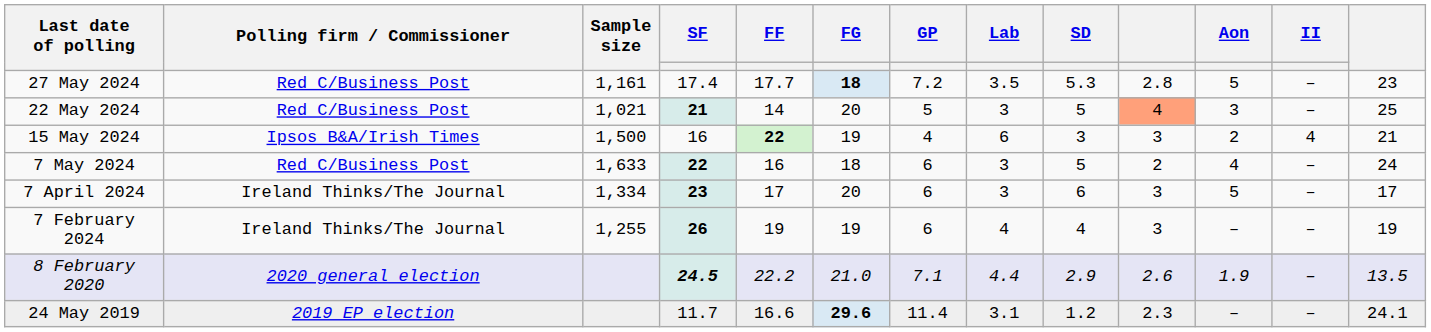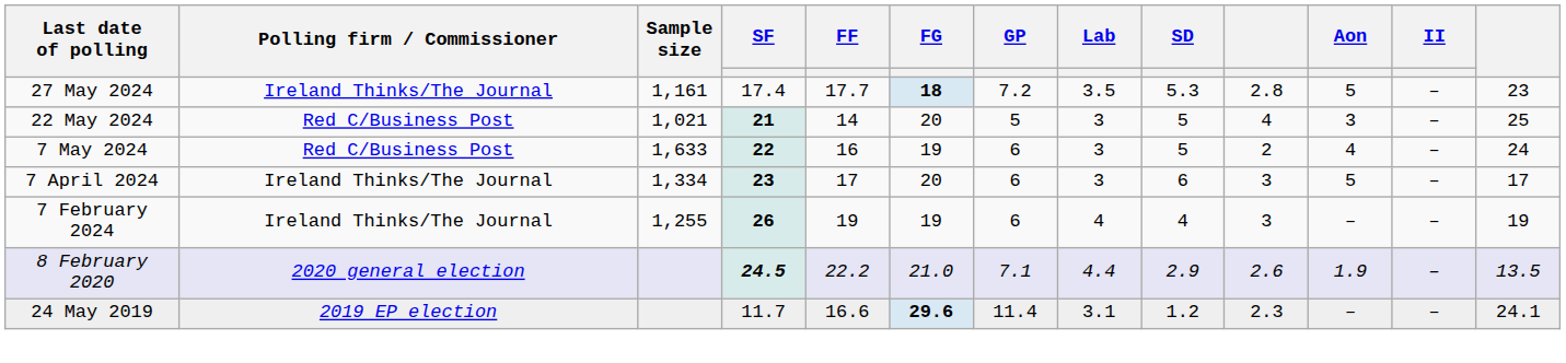 <table class="wikitable sortable collapsible" style="text-align:center;font-size:95%;line-height:14px;">
 <tr style="height:42px;">
 <th style="width:110px;" rowspan="2">Last date<br>of polling</th>
 <th style="width:300px;" rowspan="2">Polling firm / Commissioner</th>
 <th class="unsortable" style="width:50px;" rowspan="2">Sample<br>size</th>
 <th class="unsortable" style="width:50px;"><a href='#'>SF</a><br></th>
 <th class="unsortable" style="width:50px;"><a href='#'>FF</a><br></th>
 <th class="unsortable" style="width:50px;"><a href='#'>FG</a><br></th>
 <th class="unsortable" style="width:50px;"><a href='#'>GP</a><br></th>
 <th class="unsortable" style="width:50px;"><a href='#'>Lab</a><br></th>
 <th class="unsortable" style="width:50px;"><a href='#'>SD</a></th>
 <th class="unsortable" style="width:50px;"></th>
 <th class="unsortable" style="width:50px;"><a href='#'>Aon</a></th>
 <th class="unsortable" style="width:50px;"><a href='#'>II</a></th>
 <th class="unsortable" style="width:50px;" rowspan="2"></th>
 </tr>
 <tr>
 <th style="background:"></th>
 <th style="background:"></th>
 <th style="background:"></th>
 <th style="background:"></th>
 <th style="background:"></th>
 <th style="background:"></th>
 <th style="background:"></th>
 <th style="background:"></th>
 <th style="background:"></th>
 </tr>
 <tr>
 <td data-sort-value="2024-05-27">27 May 2024</td>
-<td data-sort-value="RedC1"><a href='#'>Red C/Business Post</a></td>
+<td data-sort-value="Journal"><a href='#'>Ireland Thinks/The Journal</a></td>
 <td>1,161</td>
 <td>17.4</td>
 <td>17.7</td>
 <td style="background:#D9E9F4"><strong>18</strong></td>
 <td>7.2</td>
 <td>3.5</td>
 <td>5.3</td>
 <td>2.8</td>
 <td>5</td>
 <td>– </td>
 <td>23</td>
 </tr>
 <tr>
 <td data-sort-value="2024-05-22">22 May 2024</td>
 <td data-sort-value="RedC1"><a href='#'>Red C/Business Post</a></td>
 <td>1,021</td>
 <td style="background:#D7ECEA"><strong>21</strong></td>
 <td>14</td>
 <td>20</td>
 <td>5</td>
 <td>3</td>
 <td>5</td>
-<td style="background: lightsalmon;">4</td>
+<td>4</td>
 <td>3</td>
 <td>– </td>
 <td>25</td>
-</tr>
-<tr>
-<td data-sort-value="2024-05-15">15 May 2024</td>
-<td data-sort-value="Ipsos1"><a href='#'>Ipsos B&A/Irish Times</a></td>
-<td>1,500</td>
-<td>16</td>
-<td style="background:#D3F2D0"><strong>22</strong></td>
-<td>19</td>
-<td>4</td>
-<td>6</td>
-<td>3</td>
-<td>3</td>
-<td>2</td>
-<td>4</td>
-<td>21</td>
 </tr>
 <tr>
 <td data-sort-value="2024-05-10">7 May 2024</td>
 <td data-sort-value="RedC1"><a href='#'>Red C/Business Post</a></td>
 <td>1,633</td>
 <td style="background:#D7ECEA"><strong>22</strong></td>
 <td>16</td>
-<td>18</td>
+<td>19</td>
 <td>6</td>
 <td>3</td>
 <td>5</td>
 <td>2</td>
 <td>4</td>
 <td>– </td>
 <td>24</td>
 </tr>
 <tr>
 <td data-sort-value="2024-04-07">7 April 2024</td>
 <td data-sort-value="Journal">Ireland Thinks/The Journal</td>
 <td>1,334</td>
 <td style="background:#D7ECEA"><strong>23</strong></td>
 <td>17</td>
 <td>20</td>
 <td>6</td>
 <td>3</td>
 <td>6</td>
 <td>3</td>
 <td>5</td>
 <td>– </td>
 <td>17</td>
 </tr>
 <tr>
 <td data-sort-value="2024-02-07">7 February 2024</td>
 <td data-sort-value="Journal">Ireland Thinks/The Journal</td>
 <td>1,255</td>
 <td style="background:#D7ECEA"><strong>26</strong></td>
 <td>19</td>
 <td>19</td>
 <td>6</td>
 <td>4</td>
 <td>4</td>
 <td>3</td>
 <td>– </td>
 <td>– </td>
 <td>19</td>
 </tr>
 <tr style="background:#E5E5F5;font-style:italic;">
 <td data-sort-value="2020-02-08">8 February 2020</td>
 <td><a href='#'>2020 general election</a></td>
 <td></td>
 <td style="background:#D7ECEA"><strong>24.5</strong></td>
 <td>22.2</td>
 <td>21.0</td>
 <td>7.1</td>
 <td>4.4</td>
 <td>2.9</td>
 <td>2.6</td>
 <td>1.9</td>
 <td>– </td>
 <td>13.5</td>
 </tr>
 <tr style="background:#EFEFEF;">
 <td data-sort-value="2019-05-24">24 May 2019</td>
 <td><em><a href='#'>2019 EP election</a></em></td>
 <td></td>
 <td>11.7</td>
 <td>16.6</td>
 <td style="background:#D9E9F4"><strong>29.6</strong></td>
 <td>11.4</td>
 <td>3.1</td>
 <td>1.2</td>
 <td>2.3</td>
 <td>– </td>
 <td>– </td>
 <td>24.1</td>
 </tr>
 </table>
